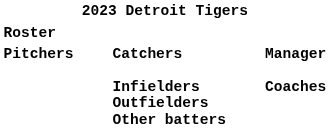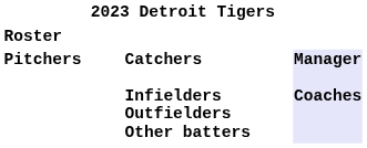 <table class="toccolours" style="font-size: 95%;">
 <tr>
 <th colspan="10">2023 Detroit Tigers</th>
 </tr>
 <tr>
 <td colspan="10"><strong>Roster</strong></td>
 </tr>
 <tr>
 <td valign="top"><strong>Pitchers</strong><br>                           </td>
 <td width="25px"></td>
 <td valign="top"><strong>Catchers</strong><br>  <br><strong>Infielders</strong>            <br><strong>Outfielders</strong>       <br><strong>Other batters</strong> </td>
 <td width="25px"></td>
-<td valign="top"><strong>Manager</strong><br><br><strong>Coaches</strong>                      </td>
+<td valign="top" style="background: lavender;"><strong>Manager</strong><br><br><strong>Coaches</strong>                      </td>
 </tr>
 </table>
